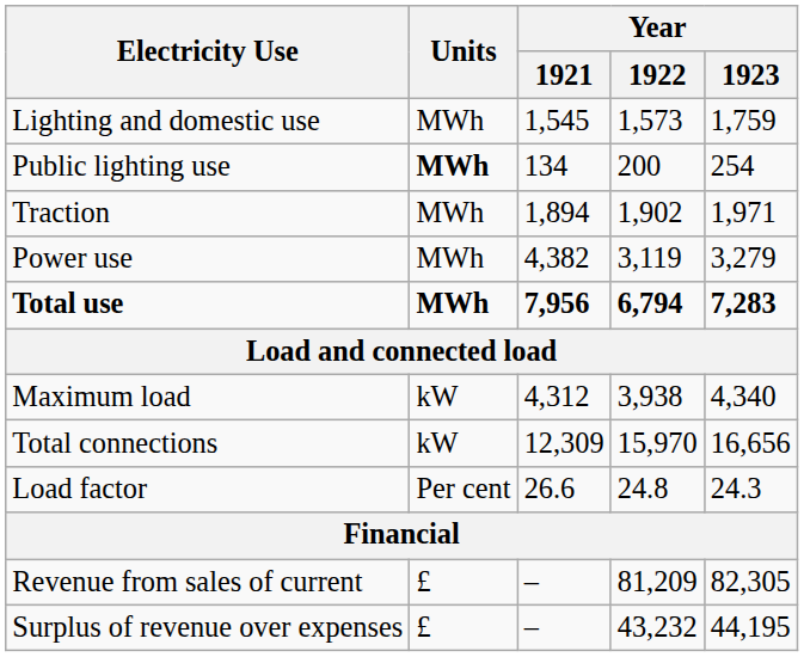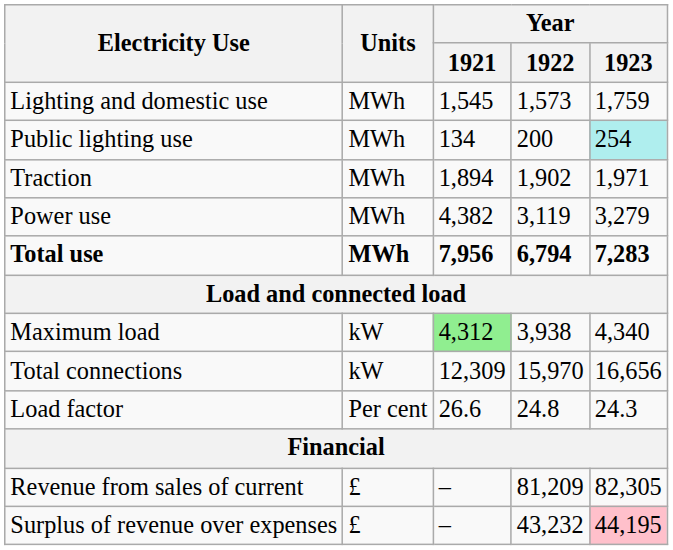 <table class="wikitable">
 <tr>
 <th rowspan="2">Electricity  Use</th>
 <th rowspan="2">Units</th>
 <th colspan="3">Year</th>
 </tr>
 <tr>
 <th>1921</th>
 <th>1922</th>
 <th>1923</th>
 </tr>
 <tr>
 <td>Lighting  and domestic use</td>
 <td>MWh</td>
 <td>1,545</td>
 <td>1,573</td>
 <td>1,759</td>
 </tr>
 <tr>
 <td>Public  lighting use</td>
-<td><strong>MWh</strong></td>
+<td>MWh</td>
 <td>134</td>
 <td>200</td>
-<td>254</td>
+<td style="background: paleturquoise;">254</td>
 </tr>
 <tr>
 <td>Traction</td>
 <td>MWh</td>
 <td>1,894</td>
 <td>1,902</td>
 <td>1,971</td>
 </tr>
 <tr>
 <td>Power  use</td>
 <td>MWh</td>
 <td>4,382</td>
 <td>3,119</td>
 <td>3,279</td>
 </tr>
 <tr>
 <td><strong>Total  use</strong></td>
 <td><strong>MWh</strong></td>
 <td><strong>7,956</strong></td>
 <td><strong>6,794</strong></td>
 <td><strong>7,283</strong></td>
 </tr>
 <tr>
 <th colspan="5">Load  and connected load</th>
 </tr>
 <tr>
 <td>Maximum  load</td>
 <td>kW</td>
-<td>4,312</td>
+<td style="background: lightgreen;">4,312</td>
 <td>3,938</td>
 <td>4,340</td>
 </tr>
 <tr>
 <td>Total  connections</td>
 <td>kW</td>
 <td>12,309</td>
 <td>15,970</td>
 <td>16,656</td>
 </tr>
 <tr>
 <td>Load  factor</td>
 <td>Per  cent</td>
 <td>26.6</td>
 <td>24.8</td>
 <td>24.3</td>
 </tr>
 <tr>
 <th colspan="5">Financial</th>
 </tr>
 <tr>
 <td>Revenue  from sales of current</td>
 <td>£</td>
 <td>–</td>
 <td>81,209</td>
 <td>82,305</td>
 </tr>
 <tr>
 <td>Surplus  of revenue over expenses</td>
 <td>£</td>
 <td>–</td>
 <td>43,232</td>
-<td>44,195</td>
+<td style="background: pink;">44,195</td>
 </tr>
 </table>
